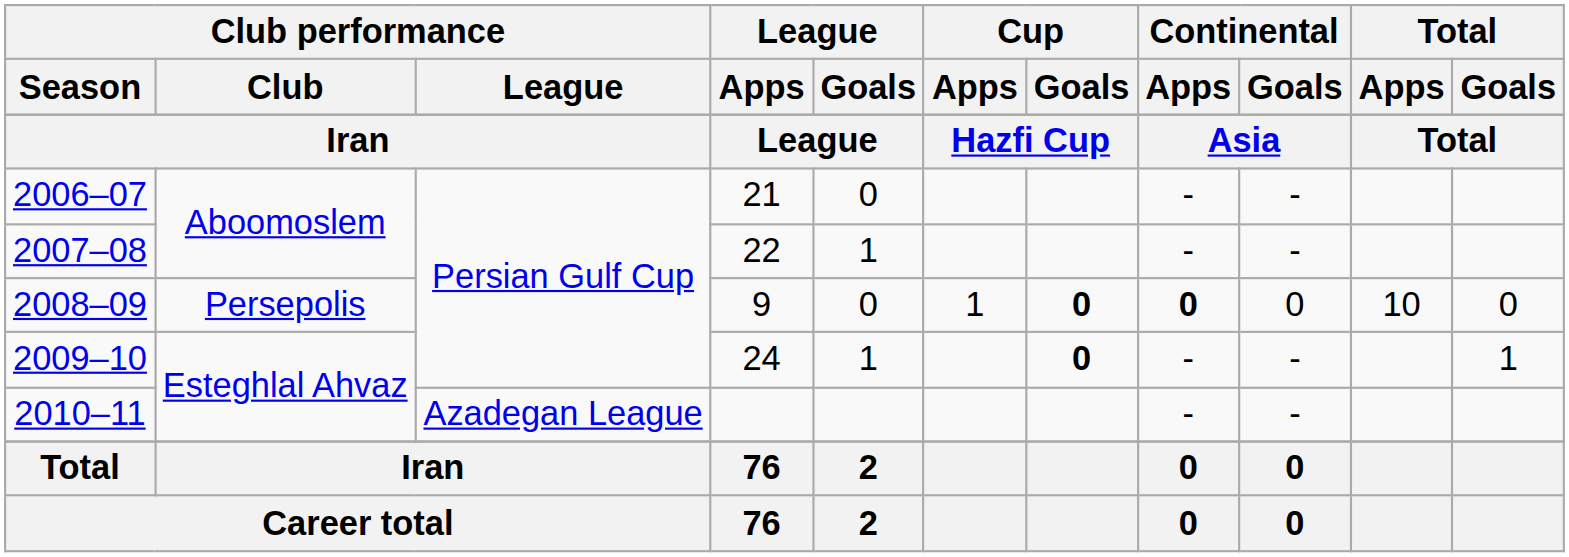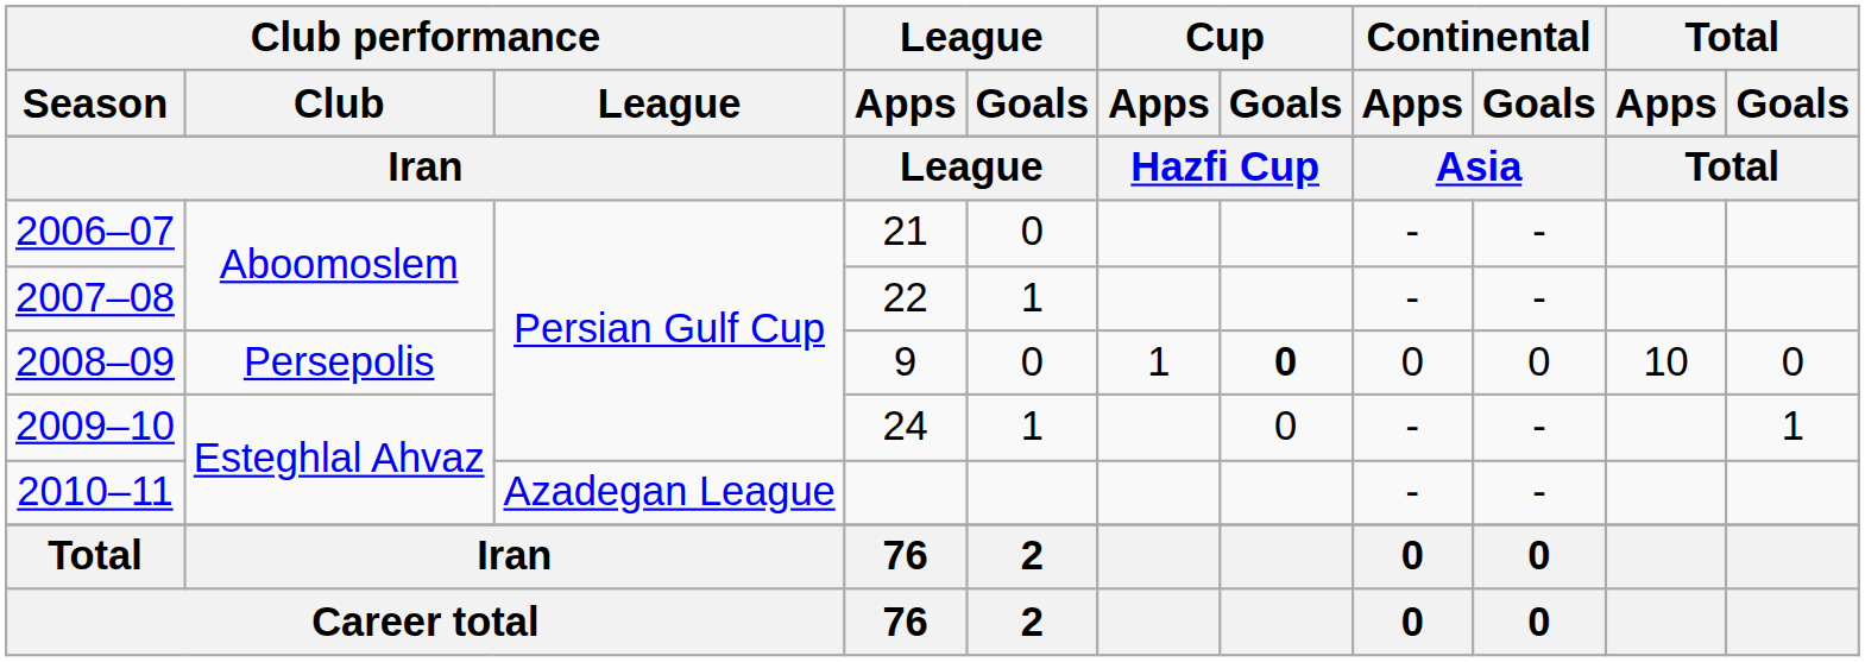 <table class="wikitable" style="text-align:center">
 <tr>
 <th colspan=3>Club performance</th>
 <th colspan=2>League</th>
 <th colspan=2>Cup</th>
 <th colspan=2>Continental</th>
 <th colspan=2>Total</th>
 </tr>
 <tr>
 <th>Season</th>
 <th>Club</th>
 <th>League</th>
 <th>Apps</th>
 <th>Goals</th>
 <th>Apps</th>
 <th>Goals</th>
 <th>Apps</th>
 <th>Goals</th>
 <th>Apps</th>
 <th>Goals</th>
 </tr>
 <tr>
 </tr>
 <tr>
 <th colspan=3>Iran</th>
 <th colspan=2>League</th>
 <th colspan=2><a href='#'>Hazfi Cup</a></th>
 <th colspan=2><a href='#'>Asia</a></th>
 <th colspan=2>Total</th>
 </tr>
 <tr>
 <td><a href='#'>2006–07</a></td>
 <td rowspan="2"><a href='#'>Aboomoslem</a></td>
 <td rowspan="4"><a href='#'>Persian Gulf Cup</a></td>
 <td>21</td>
 <td>0</td>
 <td></td>
 <td></td>
 <td>-</td>
 <td>-</td>
 <td></td>
 <td></td>
 </tr>
 <tr>
 <td><a href='#'>2007–08</a></td>
 <td>22</td>
 <td>1</td>
 <td></td>
 <td></td>
 <td>-</td>
 <td>-</td>
 <td></td>
 <td></td>
 </tr>
 <tr>
 <td><a href='#'>2008–09</a></td>
 <td rowspan="1"><a href='#'>Persepolis</a></td>
 <td>9</td>
 <td>0</td>
 <td>1</td>
 <td><strong>0</strong></td>
-<td><strong>0</strong></td>
+<td>0</td>
 <td>0</td>
 <td>10</td>
 <td>0</td>
 </tr>
 <tr>
 <td><a href='#'>2009–10</a></td>
 <td rowspan="2"><a href='#'>Esteghlal Ahvaz</a></td>
 <td>24</td>
 <td>1</td>
 <td></td>
-<td><strong>0</strong></td>
+<td>0</td>
 <td>-</td>
 <td>-</td>
 <td></td>
 <td>1</td>
 </tr>
 <tr>
 <td><a href='#'>2010–11</a></td>
 <td rowspan="1"><a href='#'>Azadegan League</a></td>
 <td></td>
 <td></td>
 <td></td>
 <td></td>
 <td>-</td>
 <td>-</td>
 <td></td>
 <td></td>
 </tr>
 <tr>
 </tr>
 <tr>
 <th rowspan=1>Total</th>
 <th colspan=2>Iran</th>
 <th>76</th>
 <th>2</th>
 <th></th>
 <th></th>
 <th>0</th>
 <th>0</th>
 <th></th>
 <th></th>
 </tr>
 <tr>
 <th colspan=3>Career total</th>
 <th>76</th>
 <th>2</th>
 <th></th>
 <th></th>
 <th>0</th>
 <th>0</th>
 <th></th>
 <th></th>
 </tr>
 </table>
